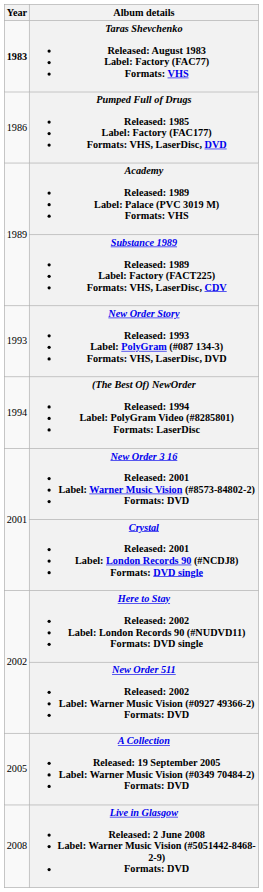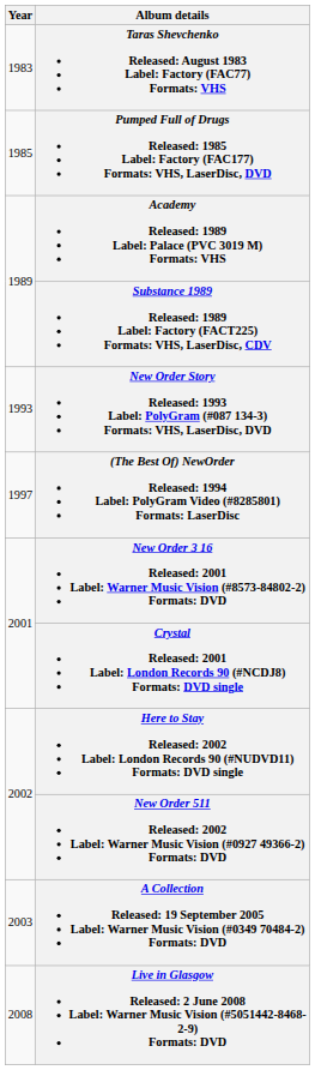 <table class="wikitable plainrowheaders">
 <tr>
 <th scope="col">Year</th>
 <th scope="col" width="350">Album details</th>
 </tr>
 <tr>
-<td><strong>1983</strong></td>
+<td>1983</td>
 <th scope="row"><strong><em>Taras Shevchenko</em></strong><br><ul><li>Released: August 1983</li><li>Label: Factory (FAC77)</li><li>Formats: <a href='#'>VHS</a></li></ul></th>
 </tr>
 <tr>
-<td>1986</td>
+<td>1985</td>
 <th scope="row"><strong><em>Pumped Full of Drugs</em></strong><br><ul><li>Released: 1985</li><li>Label: Factory (FAC177)</li><li>Formats: VHS, LaserDisc, <a href='#'>DVD</a></li></ul></th>
 </tr>
 <tr>
 <td rowspan="2">1989</td>
 <th scope="row"><strong><em>Academy</em></strong><br><ul><li>Released: 1989</li><li>Label: Palace (PVC 3019 M)</li><li>Formats: VHS</li></ul></th>
 </tr>
 <tr>
 <th scope="row"><strong><em><a href='#'>Substance 1989</a></em></strong><br><ul><li>Released: 1989</li><li>Label: Factory (FACT225)</li><li>Formats: VHS, LaserDisc, <a href='#'>CDV</a></li></ul></th>
 </tr>
 <tr>
 <td>1993</td>
 <th scope="row"><strong><em><a href='#'>New Order Story</a></em></strong><br><ul><li>Released: 1993</li><li>Label: <a href='#'>PolyGram</a> (#087 134-3)</li><li>Formats: VHS, LaserDisc, DVD</li></ul></th>
 </tr>
 <tr>
-<td>1994</td>
+<td>1997</td>
 <th scope="row"><strong><em>(The Best Of) NewOrder</em></strong><br><ul><li>Released: 1994</li><li>Label: PolyGram Video (#8285801)</li><li>Formats: LaserDisc</li></ul></th>
 </tr>
 <tr>
 <td rowspan="2">2001</td>
 <th scope="row"><strong><em><a href='#'>New Order 3 16</a></em></strong><br><ul><li>Released: 2001</li><li>Label: <a href='#'>Warner Music Vision</a> (#8573-84802-2)</li><li>Formats: DVD</li></ul></th>
 </tr>
 <tr>
 <th scope="row"><strong><em><a href='#'>Crystal</a></em></strong><br><ul><li>Released: 2001</li><li>Label: <a href='#'>London Records 90</a> (#NCDJ8)</li><li>Formats: <a href='#'>DVD single</a></li></ul></th>
 </tr>
 <tr>
 <td rowspan="2">2002</td>
 <th scope="row"><strong><em><a href='#'>Here to Stay</a></em></strong><br><ul><li>Released: 2002</li><li>Label: London Records 90 (#NUDVD11)</li><li>Formats: DVD single</li></ul></th>
 </tr>
 <tr>
 <th scope="row"><strong><em><a href='#'>New Order 511</a></em></strong><br><ul><li>Released: 2002</li><li>Label: Warner Music Vision (#0927 49366-2)</li><li>Formats: DVD</li></ul></th>
 </tr>
 <tr>
-<td>2005</td>
+<td>2003</td>
 <th scope="row"><strong><em><a href='#'>A Collection</a></em></strong><br><ul><li>Released: 19 September 2005</li><li>Label: Warner Music Vision (#0349 70484-2)</li><li>Formats: DVD</li></ul></th>
 </tr>
 <tr>
 <td>2008</td>
 <th scope="row"><strong><em><a href='#'>Live in Glasgow</a></em></strong><br><ul><li>Released: 2 June 2008</li><li>Label: Warner Music Vision (#5051442-8468-2-9)</li><li>Formats: DVD</li></ul></th>
 </tr>
 </table>
